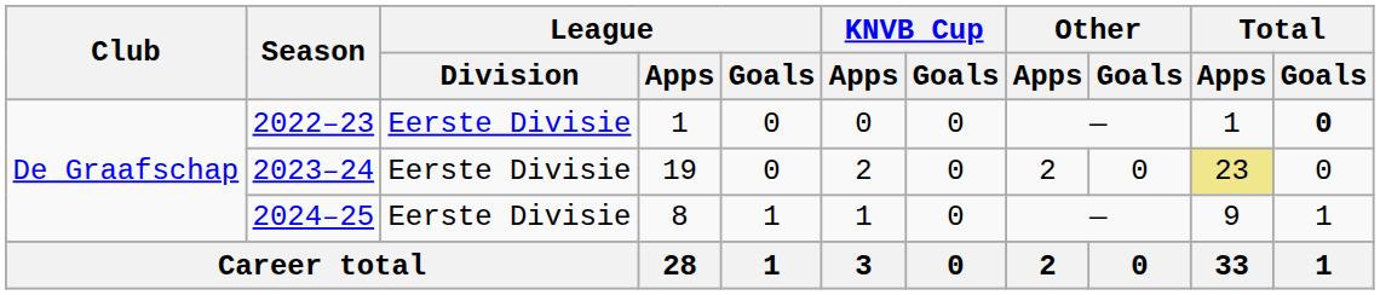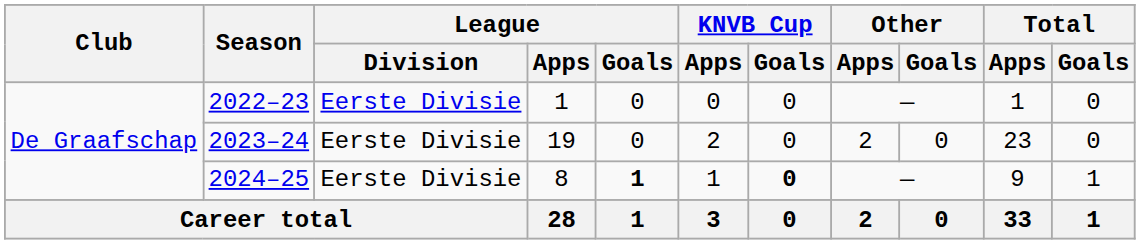 <table class="wikitable" style="text-align:center">
 <tr>
 <th rowspan="2">Club</th>
 <th rowspan="2">Season</th>
 <th colspan="3">League</th>
 <th colspan="2"><a href='#'>KNVB Cup</a></th>
 <th colspan="2">Other</th>
 <th colspan="2">Total</th>
 </tr>
 <tr>
 <th>Division</th>
 <th>Apps</th>
 <th>Goals</th>
 <th>Apps</th>
 <th>Goals</th>
 <th>Apps</th>
 <th>Goals</th>
 <th>Apps</th>
 <th>Goals</th>
 </tr>
 <tr>
 <td rowspan="3"><a href='#'>De Graafschap</a></td>
 <td><a href='#'>2022–23</a></td>
 <td><a href='#'>Eerste Divisie</a></td>
 <td>1</td>
 <td>0</td>
 <td>0</td>
 <td>0</td>
 <td colspan="2">—</td>
 <td>1</td>
-<td><strong>0</strong></td>
+<td>0</td>
 </tr>
 <tr>
 <td><a href='#'>2023–24</a></td>
 <td>Eerste Divisie</td>
 <td>19</td>
 <td>0</td>
 <td>2</td>
 <td>0</td>
 <td>2</td>
 <td>0</td>
-<td style="background: khaki;">23</td>
+<td>23</td>
 <td>0</td>
 </tr>
 <tr>
 <td><a href='#'>2024–25</a></td>
 <td>Eerste Divisie</td>
 <td>8</td>
+<td><strong>1</strong></td>
 <td>1</td>
-<td>1</td>
-<td>0</td>
+<td><strong>0</strong></td>
 <td colspan="2">—</td>
 <td>9</td>
 <td>1</td>
 </tr>
 <tr>
 <th colspan="3">Career total</th>
 <th>28</th>
 <th>1</th>
 <th>3</th>
 <th>0</th>
 <th>2</th>
 <th>0</th>
 <th>33</th>
 <th>1</th>
 </tr>
 </table>
